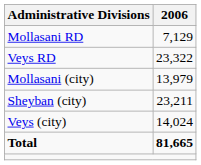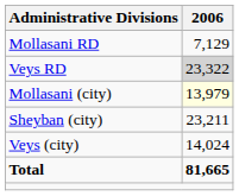 <table class="wikitable">
 <tr>
 <th>Administrative Divisions</th>
 <th>2006</th>
 </tr>
 <tr>
 <td><a href='#'>Mollasani RD</a></td>
 <td style="text-align: right;">7,129</td>
 </tr>
 <tr>
 <td><a href='#'>Veys RD</a></td>
-<td style="text-align: right;">23,322</td>
+<td style="background: lightgrey; text-align: right;">23,322</td>
 </tr>
 <tr>
 <td><a href='#'>Mollasani</a> (city)</td>
-<td style="text-align: right;">13,979</td>
+<td style="background: lightyellow; text-align: right;">13,979</td>
 </tr>
 <tr>
 <td><a href='#'>Sheyban</a> (city)</td>
 <td style="text-align: right;">23,211</td>
 </tr>
 <tr>
 <td><a href='#'>Veys</a> (city)</td>
 <td style="text-align: right;">14,024</td>
 </tr>
 <tr>
 <td><strong>Total</strong></td>
 <td style="text-align: right;"><strong>81,665</strong></td>
 </tr>
 <tr>
 <td colspan=4></td>
 </tr>
 </table>
